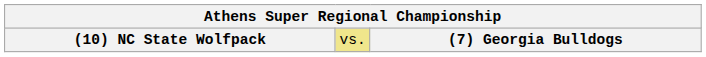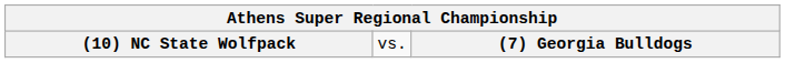 <table class="wikitable">
 <tr>
 <th style="width: 604px;" colspan=3>Athens Super Regional Championship</th>
 </tr>
 <tr>
 <th style="width: 289px; ">(10) NC State Wolfpack</th>
-<td style="background: khaki; width: 25px; text-align:center">vs.</td>
+<td style="width: 25px; text-align:center">vs.</td>
 <th style="width: 289px; ">(7) Georgia Bulldogs</th>
 </tr>
 </table>
